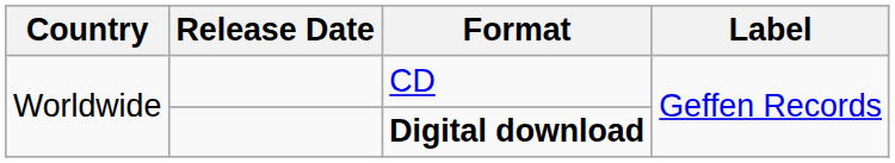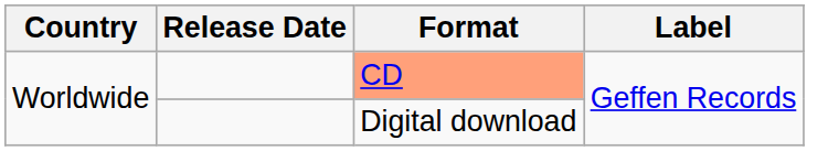 <table class="wikitable">
 <tr>
 <th>Country</th>
 <th>Release Date</th>
 <th>Format</th>
 <th>Label</th>
 </tr>
 <tr>
 <td rowspan="2">Worldwide</td>
 <td></td>
-<td><a href='#'>CD</a></td>
+<td style="background: lightsalmon;"><a href='#'>CD</a></td>
 <td rowspan="2"><a href='#'>Geffen Records</a></td>
 </tr>
 <tr>
 <td></td>
-<td><strong>Digital download</strong></td>
+<td>Digital download</td>
 </tr>
 </table>
